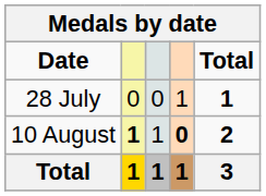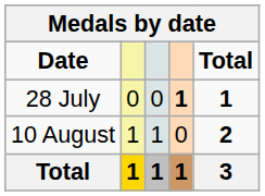 <table class="wikitable" style="font-size:85%">
 <tr bgcolor="#efefef">
 <th colspan=6>Medals by date</th>
 </tr>
 <tr align=center>
 <td><strong>Date</strong></td>
 <td bgcolor=#f7f6a8></td>
 <td bgcolor=#dce5e5></td>
 <td bgcolor=#ffdab9></td>
 <td><strong>Total</strong></td>
 </tr>
 <tr align=center>
 <td>28 July</td>
 <td style="background:#F7F6A8;">0</td>
 <td style="background:#DCE5E5;">0</td>
-<td style="background:#FFDAB9;">1</td>
+<td style="background:#FFDAB9;"><strong>1</strong></td>
 <td><strong>1</strong></td>
 </tr>
 <tr align=center>
 <td>10 August</td>
-<td style="background:#F7F6A8;"><strong>1</strong></td>
+<td style="background:#F7F6A8;">1</td>
 <td style="background:#DCE5E5;">1</td>
-<td style="background:#FFDAB9;"><strong>0</strong></td>
+<td style="background:#FFDAB9;">0</td>
 <td><strong>2</strong></td>
 </tr>
 <tr align=center>
 <th><strong>Total</strong></th>
 <th style="background:gold;"><strong>1</strong></th>
 <th style="background:silver;"><strong>1</strong></th>
 <th style="background:#c96;"><strong>1</strong></th>
 <th>3</th>
 </tr>
 </table>
